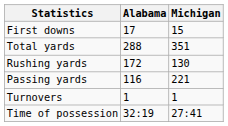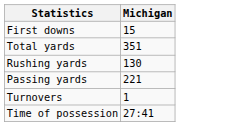 <table class="wikitable" style="float: left;">
 <tr>
 <th>Statistics</th>
-<th>Alabama</th>
 <th>Michigan</th>
 </tr>
 <tr>
 <td>First downs</td>
-<td>17</td>
 <td>15</td>
 </tr>
 <tr>
 <td>Total yards</td>
-<td>288</td>
 <td>351</td>
 </tr>
 <tr>
 <td>Rushing yards</td>
-<td>172</td>
 <td>130</td>
 </tr>
 <tr>
 <td>Passing yards</td>
-<td>116</td>
 <td>221</td>
 </tr>
 <tr>
 <td>Turnovers</td>
 <td>1</td>
-<td>1</td>
 </tr>
 <tr>
 <td>Time of possession</td>
-<td>32:19</td>
 <td>27:41</td>
 </tr>
 </table>
